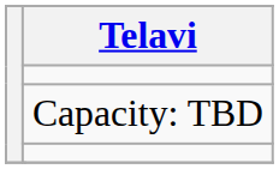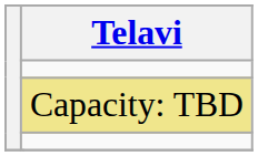 <table class="wikitable" style="text-align:center">
 <tr>
 <th rowspan="4" colspan="2"></th>
 <th><a href='#'>Telavi</a></th>
 </tr>
 <tr>
 <td></td>
 </tr>
 <tr>
-<td>Capacity: TBD</td>
+<td style="background: khaki;">Capacity: TBD</td>
 </tr>
 <tr>
 <td></td>
 </tr>
 <tr>
 </tr>
 </table>
